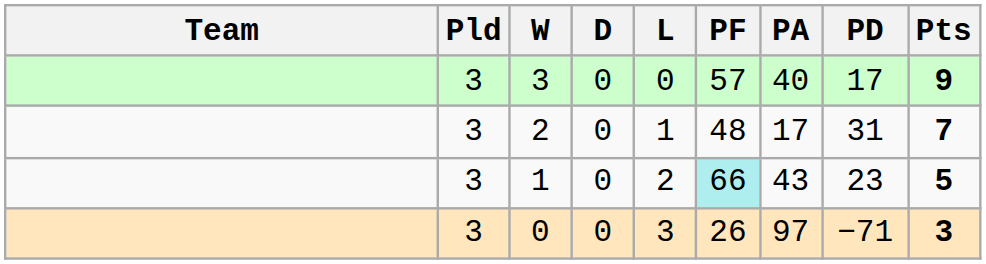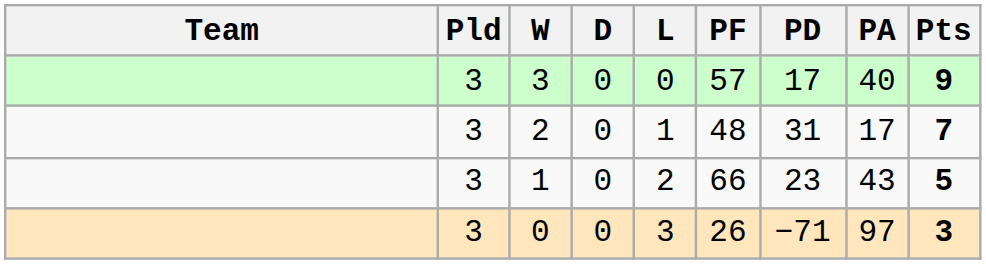 <table class="wikitable" style="text-align:center;">
 <tr>
 <th width=175>Team</th>
 <th width=20 abbr="Played">Pld</th>
 <th width=20 abbr="Won">W</th>
 <th width=20 abbr="Drawn">D</th>
 <th width=20 abbr="Lost">L</th>
 <th width=20 abbr="Points for">PF</th>
+<th width=30 abbr="Points difference">PD</th>
 <th width=20 abbr="Points against">PA</th>
-<th width=30 abbr="Points difference">PD</th>
 <th width=20 abbr="Points">Pts</th>
 </tr>
 <tr bgcolor=ccffcc>
 <td align=left></td>
 <td>3</td>
 <td>3</td>
 <td>0</td>
 <td>0</td>
 <td>57</td>
+<td>17</td>
 <td>40</td>
-<td>17</td>
 <td><strong> 9 </strong></td>
 </tr>
 <tr>
 <td align=left></td>
 <td>3</td>
 <td>2</td>
 <td>0</td>
 <td>1</td>
 <td>48</td>
+<td>31</td>
 <td>17</td>
-<td>31</td>
 <td><strong> 7 </strong></td>
 </tr>
 <tr>
 <td align=left></td>
 <td>3</td>
 <td>1</td>
 <td>0</td>
 <td>2</td>
-<td style="background: paleturquoise;">66</td>
+<td>66</td>
+<td>23</td>
 <td>43</td>
-<td>23</td>
 <td><strong> 5 </strong></td>
 </tr>
 <tr bgcolor=ffe6bd>
 <td align=left></td>
 <td>3</td>
 <td>0</td>
 <td>0</td>
 <td>3</td>
 <td>26</td>
+<td>−71</td>
 <td>97</td>
-<td>−71</td>
 <td><strong> 3 </strong></td>
 </tr>
 </table>
